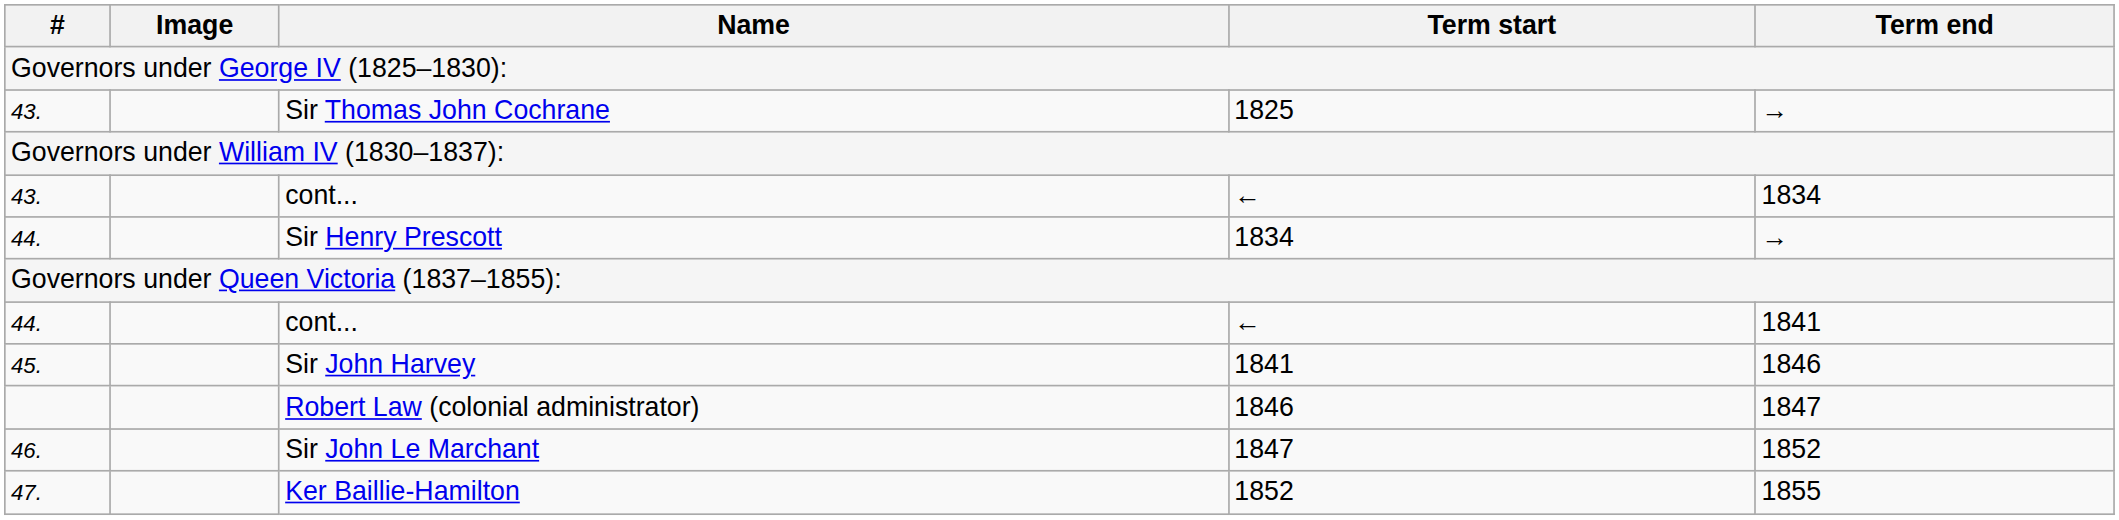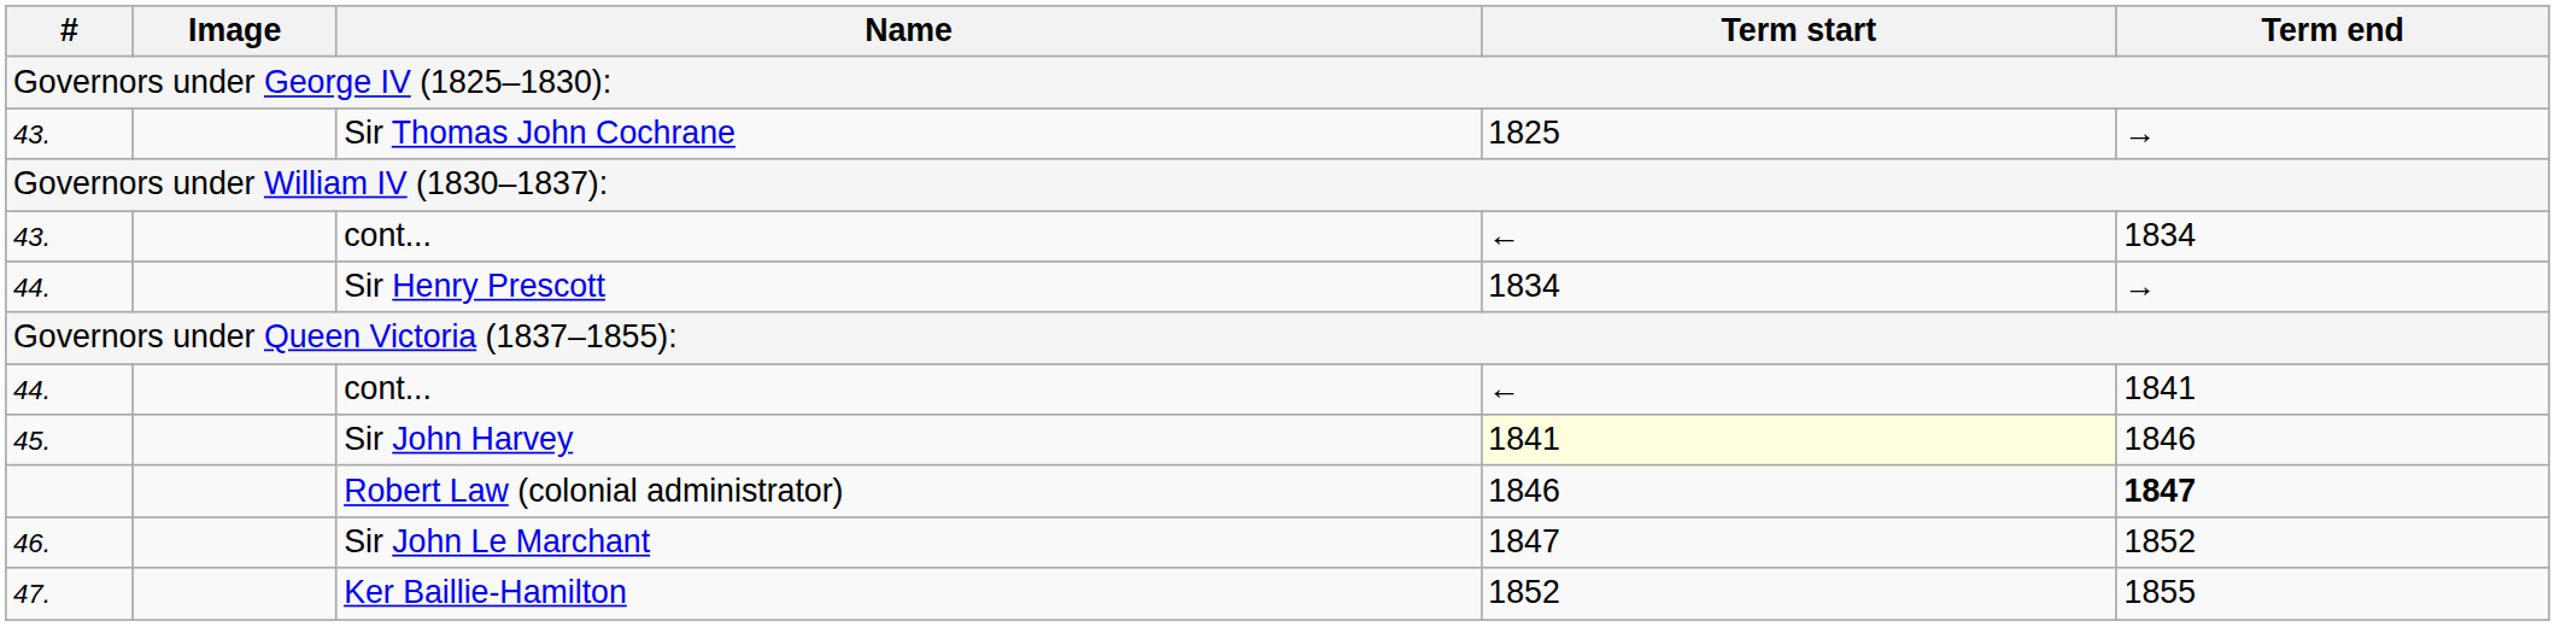 <table class="wikitable" style="width:100%">
 <tr>
 <th width="5%">#</th>
 <th width="8%">Image</th>
 <th width="45%">Name</th>
 <th width="25%">Term start</th>
 <th width="25%">Term end</th>
 </tr>
 <tr bgcolor="#F5F5F5">
 <td colspan="5" align="left"><span>Governors under <a href='#'>George IV</a> (1825–1830):</span></td>
 </tr>
 <tr>
 <td><small><em>43.</em></small></td>
 <td></td>
 <td>Sir <a href='#'>Thomas John Cochrane</a></td>
 <td>1825</td>
 <td>→</td>
 </tr>
 <tr bgcolor="#F5F5F5">
 <td colspan="5" align="left"><span>Governors under <a href='#'>William IV</a> (1830–1837):</span></td>
 </tr>
 <tr>
 <td><small><em>43.</em></small></td>
 <td></td>
 <td>cont...</td>
 <td>←</td>
 <td>1834</td>
 </tr>
 <tr>
 <td><small><em>44.</em></small></td>
 <td></td>
 <td>Sir <a href='#'>Henry Prescott</a></td>
 <td>1834</td>
 <td>→</td>
 </tr>
 <tr bgcolor="#F5F5F5">
 <td colspan="9" align="left"><span>Governors under <a href='#'>Queen Victoria</a> (1837–1855):</span></td>
 </tr>
 <tr>
 <td><small><em>44.</em></small></td>
 <td></td>
 <td>cont...</td>
 <td>←</td>
 <td>1841</td>
 </tr>
 <tr>
 <td><small><em>45.</em></small></td>
 <td></td>
 <td>Sir <a href='#'>John Harvey</a> </td>
-<td>1841</td>
+<td style="background: lightyellow;">1841</td>
 <td>1846</td>
 </tr>
 <tr>
 <td></td>
 <td></td>
 <td><a href='#'>Robert Law</a> (colonial administrator)</td>
 <td>1846</td>
-<td>1847</td>
+<td><strong>1847</strong></td>
 </tr>
 <tr>
 <td><small><em>46.</em></small></td>
 <td></td>
 <td>Sir <a href='#'>John Le Marchant</a></td>
 <td>1847</td>
 <td>1852</td>
 </tr>
 <tr>
 <td><small><em>47.</em></small></td>
 <td></td>
 <td><a href='#'>Ker Baillie-Hamilton</a></td>
 <td>1852</td>
 <td>1855</td>
 </tr>
 </table>
